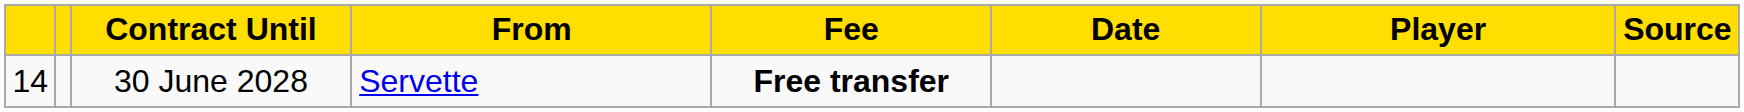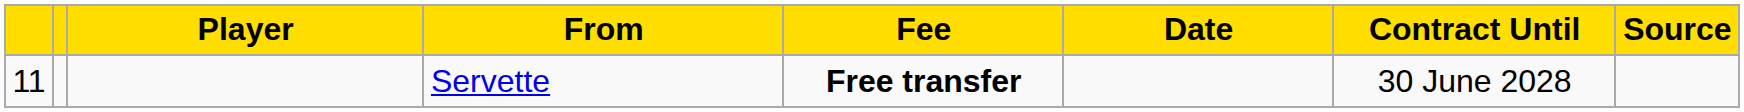 <table class="wikitable sortable">
 <tr>
 <th style="background:#FFDE00"></th>
 <th style="background:#FFDE00"></th>
-<th width=150 style="background:#FFDE00">Contract Until</th>
+<th width=200 style="background:#FFDE00">Player</th>
 <th width=200 style="background:#FFDE00">From</th>
 <th width=150 style="background:#FFDE00">Fee</th>
 <th width=150 style="background:#FFDE00">Date</th>
-<th width=200 style="background:#FFDE00">Player</th>
+<th width=150 style="background:#FFDE00">Contract Until</th>
 <th style="background:#FFDE00">Source</th>
 </tr>
 <tr>
-<td align=center>14</td>
+<td align=center>11</td>
 <td align=center></td>
-<td align=center>30 June 2028</td>
+<td></td>
 <td> <a href='#'>Servette</a></td>
 <td align=center><strong>Free transfer</strong></td>
 <td align=center></td>
-<td></td>
+<td align=center>30 June 2028</td>
 <td align=center></td>
 </tr>
 </table>
